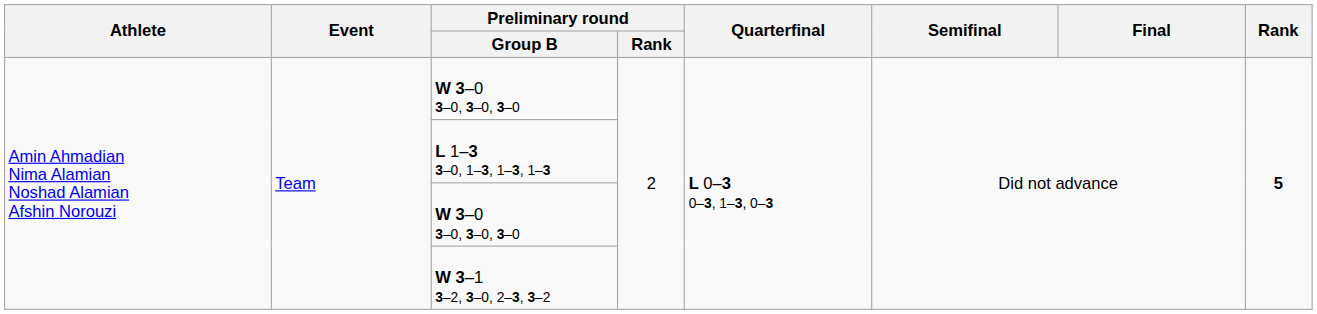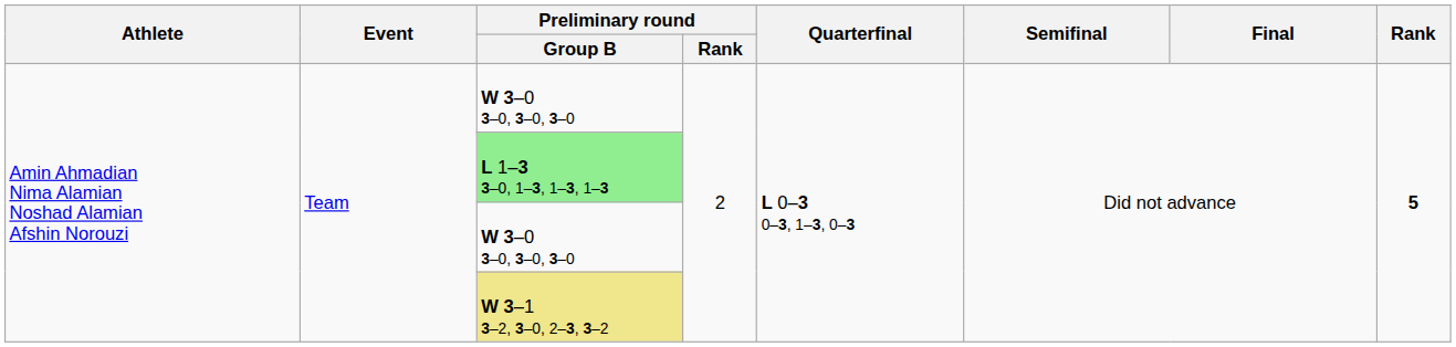 <table class="wikitable" width="90%" style="text-align:left; font-size:90%">
 <tr>
 <th rowspan="2" width="20%">Athlete</th>
 <th rowspan="2" width="12%">Event</th>
 <th colspan="2">Preliminary round</th>
 <th rowspan="2" width="14%">Quarterfinal</th>
 <th rowspan="2" width="14%">Semifinal</th>
 <th rowspan="2" width="14%">Final</th>
 <th rowspan="2" width="5%">Rank</th>
 </tr>
 <tr>
 <th width="14%">Group B</th>
 <th width="5%">Rank</th>
 </tr>
 <tr>
 <td rowspan="4"><a href='#'>Amin Ahmadian</a><br><a href='#'>Nima Alamian</a><br><a href='#'>Noshad Alamian</a><br><a href='#'>Afshin Norouzi</a></td>
 <td rowspan="4"><a href='#'>Team</a></td>
 <td><br><strong>W</strong> <strong>3</strong>–0<br><small><strong>3</strong>–0, <strong>3</strong>–0, <strong>3</strong>–0</small></td>
 <td rowspan="4" align=center>2 <strong></strong></td>
 <td rowspan="4"><br><strong>L</strong> 0–<strong>3</strong><br><small>0–<strong>3</strong>, 1–<strong>3</strong>, 0–<strong>3</strong></small></td>
 <td rowspan="4" colspan=2 align=center>Did not advance</td>
 <td rowspan="4" align="center"><strong>5</strong></td>
 </tr>
 <tr>
-<td><br><strong>L</strong> 1–<strong>3</strong><br><small><strong>3</strong>–0, 1–<strong>3</strong>, 1–<strong>3</strong>, 1–<strong>3</strong></small></td>
+<td style="background: lightgreen;"><br><strong>L</strong> 1–<strong>3</strong><br><small><strong>3</strong>–0, 1–<strong>3</strong>, 1–<strong>3</strong>, 1–<strong>3</strong></small></td>
 </tr>
 <tr>
 <td><br><strong>W</strong> <strong>3</strong>–0<br><small><strong>3</strong>–0, <strong>3</strong>–0, <strong>3</strong>–0</small></td>
 </tr>
 <tr>
-<td><br><strong>W</strong> <strong>3</strong>–1<br><small><strong>3</strong>–2, <strong>3</strong>–0, 2–<strong>3</strong>, <strong>3</strong>–2</small></td>
+<td style="background: khaki;"><br><strong>W</strong> <strong>3</strong>–1<br><small><strong>3</strong>–2, <strong>3</strong>–0, 2–<strong>3</strong>, <strong>3</strong>–2</small></td>
 </tr>
 </table>
